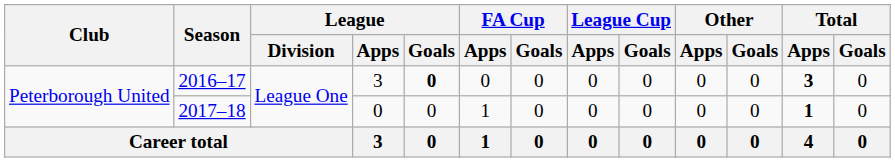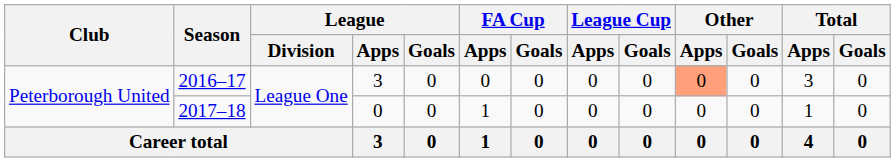 <table class="wikitable" style="text-align: center">
 <tr>
 <th rowspan="2">Club</th>
 <th rowspan="2">Season</th>
 <th colspan="3">League</th>
 <th colspan="2"><a href='#'>FA Cup</a></th>
 <th colspan="2"><a href='#'>League Cup</a></th>
 <th colspan="2">Other</th>
 <th colspan="2">Total</th>
 </tr>
 <tr>
 <th>Division</th>
 <th>Apps</th>
 <th>Goals</th>
 <th>Apps</th>
 <th>Goals</th>
 <th>Apps</th>
 <th>Goals</th>
 <th>Apps</th>
 <th>Goals</th>
 <th>Apps</th>
 <th>Goals</th>
 </tr>
 <tr>
 <td rowspan="2"><a href='#'>Peterborough United</a></td>
 <td><a href='#'>2016–17</a></td>
 <td rowspan="2"><a href='#'>League One</a></td>
 <td>3</td>
-<td><strong>0</strong></td>
 <td>0</td>
 <td>0</td>
 <td>0</td>
 <td>0</td>
 <td>0</td>
+<td style="background: lightsalmon;">0</td>
 <td>0</td>
-<td><strong>3</strong></td>
+<td>3</td>
 <td>0</td>
 </tr>
 <tr>
 <td><a href='#'>2017–18</a></td>
 <td>0</td>
 <td>0</td>
 <td>1</td>
 <td>0</td>
 <td>0</td>
 <td>0</td>
 <td>0</td>
 <td>0</td>
-<td><strong>1</strong></td>
+<td>1</td>
 <td>0</td>
 </tr>
 <tr>
 <th colspan="3">Career total</th>
 <th>3</th>
 <th>0</th>
 <th>1</th>
 <th>0</th>
 <th>0</th>
 <th>0</th>
 <th>0</th>
 <th>0</th>
 <th>4</th>
 <th>0</th>
 </tr>
 </table>
